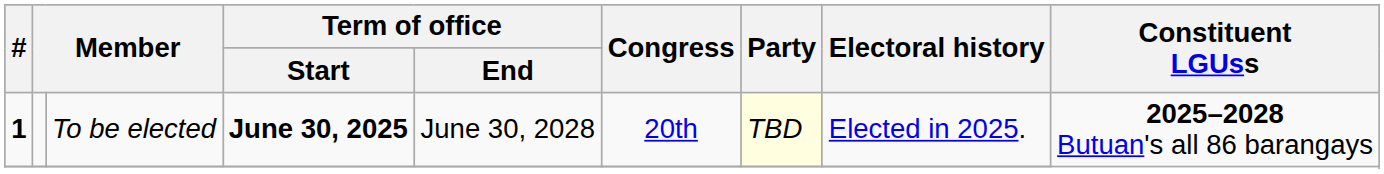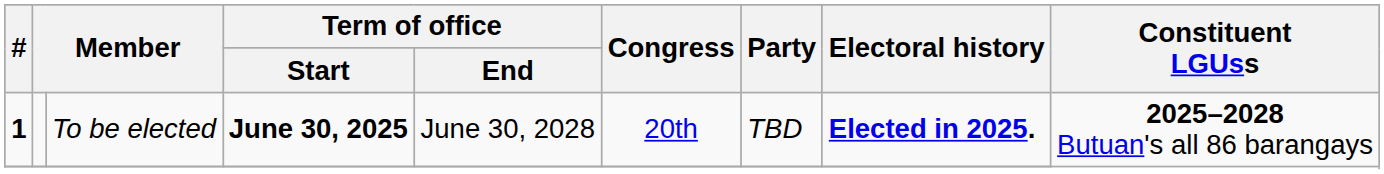 <table class=wikitable>
 <tr>
 <th rowspan="2">#</th>
 <th rowspan="2" colspan=2>Member</th>
 <th colspan=2>Term of office</th>
 <th rowspan="2">Congress</th>
 <th rowspan="2">Party</th>
 <th rowspan="2">Electoral history</th>
 <th rowspan="2">Constituent<br><a href='#'>LGUs</a>s</th>
 </tr>
 <tr>
 <th>Start</th>
 <th>End</th>
 </tr>
 <tr>
 <td rowspan="1" style="text-align:center;"><strong>1</strong></td>
 <td style="color:inherit;background:"></td>
 <td rowspan="1"><em>To be elected</em></td>
 <td rowspan="1"><strong>June 30, 2025</strong></td>
 <td rowspan="1">June 30, 2028</td>
 <td style="text-align:center;"><a href='#'>20th</a></td>
-<td style="background: lightyellow;"><em>TBD</em></td>
-<td><a href='#'>Elected in 2025</a>.</td>
+<td><em>TBD</em></td>
+<td><strong><a href='#'>Elected in 2025</a>.</strong></td>
 <td rowspan=99 style="text-align:center;"><strong>2025–2028</strong><br><a href='#'>Butuan</a>'s all 86 barangays</td>
 </tr>
 <tr>
 </tr>
 </table>
